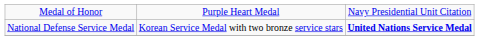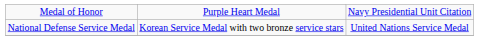 <table class="wikitable" style="margin:1em auto; text-align:center;">
 <tr>
 <td><a href='#'>Medal of Honor</a></td>
 <td><a href='#'>Purple Heart Medal</a></td>
 <td><a href='#'>Navy Presidential Unit Citation</a></td>
 </tr>
 <tr>
 <td><a href='#'>National Defense Service Medal</a></td>
 <td><a href='#'>Korean Service Medal</a> with two bronze <a href='#'>service stars</a></td>
-<td><strong><a href='#'>United Nations Service Medal</a></strong></td>
+<td><a href='#'>United Nations Service Medal</a></td>
 </tr>
 <tr>
 </tr>
 </table>
